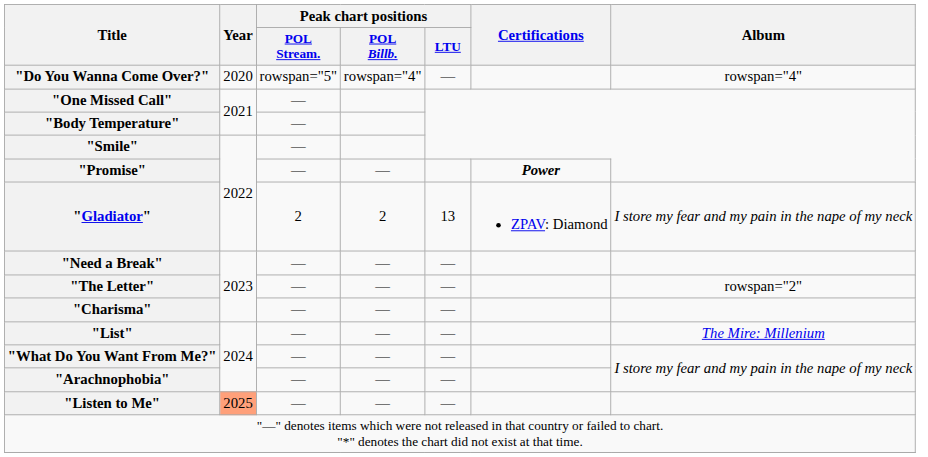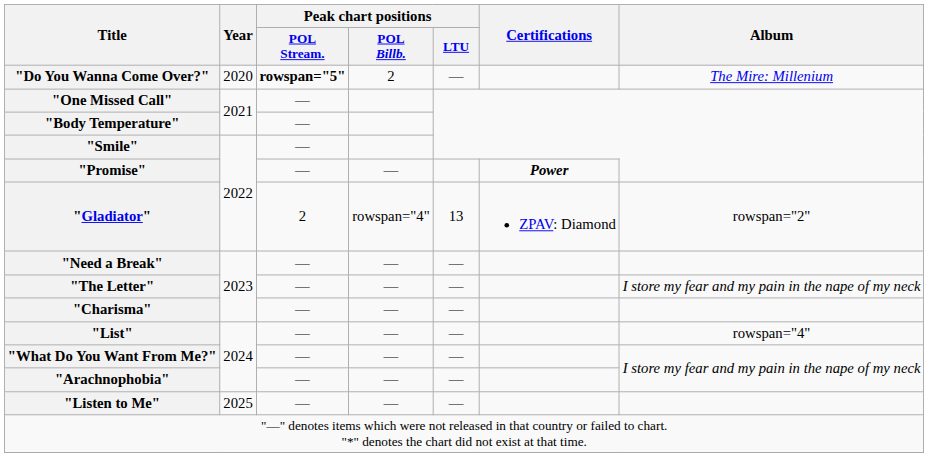 <table class="wikitable plainrowheaders" style="text-align:center;">
 <tr>
 <th scope="col" rowspan="2">Title</th>
 <th scope="col" rowspan="2">Year</th>
 <th scope="col" colspan="3">Peak chart positions</th>
 <th scope="col" rowspan="2"><a href='#'>Certifications</a></th>
 <th scope="col" rowspan="2">Album</th>
 </tr>
 <tr>
 <th style="width:3em;font-size:90%;"><a href='#'>POL<br>Stream.</a><br></th>
 <th style="width:3em;font-size:90%;"><a href='#'>POL<br><em>Billb.</em></a><br></th>
 <th style="width:3em;font-size:90%;"><a href='#'>LTU</a><br></th>
 </tr>
 <tr>
 <th scope="row">"Do You Wanna Come Over?"</th>
 <td>2020</td>
-<td>rowspan="5" </td>
-<td>rowspan="4" </td>
+<td><strong>rowspan="5" </strong></td>
+<td>2</td>
 <td>—</td>
 <td></td>
-<td>rowspan="4" </td>
+<td><em><a href='#'>The Mire: Millenium</a></em></td>
 </tr>
 <tr>
 <th scope="row">"One Missed Call"</th>
 <td rowspan="2">2021</td>
 <td>—</td>
 <td></td>
 </tr>
 <tr>
 <th scope="row">"Body Temperature"</th>
 <td>—</td>
 <td></td>
 </tr>
 <tr>
 <th scope="row">"Smile"</th>
 <td rowspan="3">2022</td>
 <td>—</td>
 <td></td>
 </tr>
 <tr>
 <th scope="row">"Promise"</th>
 <td>—</td>
 <td>—</td>
 <td></td>
 <td><strong><em>Power</em></strong></td>
 </tr>
 <tr>
 <th scope="row">"<a href='#'>Gladiator</a>"</th>
 <td>2</td>
-<td>2</td>
+<td>rowspan="4" </td>
 <td>13</td>
 <td><br><ul><li><a href='#'>ZPAV</a>: Diamond</li></ul></td>
-<td><em>I store my fear and my pain in the nape of my neck</em></td>
+<td>rowspan="2" </td>
 </tr>
 <tr>
 <th scope="row">"Need a Break"</th>
 <td rowspan="3">2023</td>
 <td>—</td>
 <td>—</td>
 <td>—</td>
 <td></td>
 </tr>
 <tr>
 <th scope="row">"The Letter"</th>
 <td>—</td>
 <td>—</td>
 <td>—</td>
 <td></td>
-<td>rowspan="2" </td>
+<td><em>I store my fear and my pain in the nape of my neck</em></td>
 </tr>
 <tr>
 <th scope="row">"Charisma"</th>
 <td>—</td>
 <td>—</td>
 <td>—</td>
 <td></td>
 <td></td>
 </tr>
 <tr>
 <th scope="row">"List"<br></th>
 <td rowspan="3">2024</td>
 <td>—</td>
 <td>—</td>
 <td>—</td>
 <td></td>
-<td><em><a href='#'>The Mire: Millenium</a></em></td>
+<td>rowspan="4" </td>
 </tr>
 <tr>
 <th scope="row">"What Do You Want From Me?"</th>
 <td>—</td>
 <td>—</td>
 <td>—</td>
 <td></td>
 <td rowspan="2"><em>I store my fear and my pain in the nape of my neck</em></td>
 </tr>
 <tr>
 <th scope="row">"Arachnophobia"</th>
 <td>—</td>
 <td>—</td>
 <td>—</td>
 <td></td>
 </tr>
 <tr>
 <th scope="row">"Listen to Me"</th>
-<td style="background: lightsalmon;">2025</td>
+<td>2025</td>
 <td>—</td>
 <td>—</td>
 <td>—</td>
 <td></td>
 <td></td>
 </tr>
 <tr>
 <td colspan="7" style="font-size:90%;">"—" denotes items which were not released in that country or failed to chart.<br>"*" denotes the chart did not exist at that time.</td>
 </tr>
 <tr>
 </tr>
 </table>
